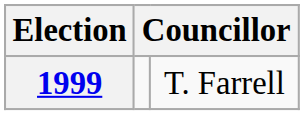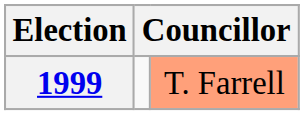 <table class="wikitable" style="text-align:center">
 <tr>
 <th>Election</th>
 <th colspan=2>Councillor</th>
 </tr>
 <tr>
 <th><a href='#'>1999</a></th>
 <td style="background-color: "></td>
-<td>T. Farrell</td>
+<td style="background: lightsalmon;">T. Farrell</td>
 </tr>
 </table>
